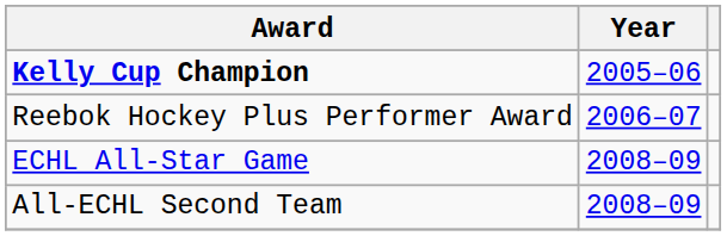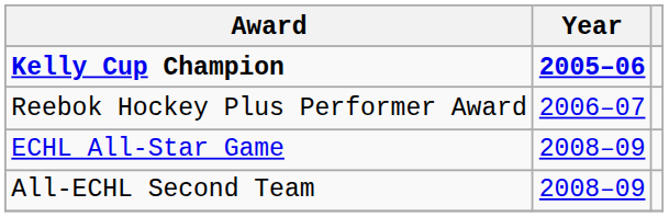 <table class="wikitable">
 <tr>
 <th>Award</th>
 <th>Year</th>
 <th></th>
 </tr>
 <tr>
 <td><strong><a href='#'>Kelly Cup</a> Champion</strong></td>
-<td><a href='#'>2005–06</a></td>
+<td><strong><a href='#'>2005–06</a></strong></td>
 <td></td>
 </tr>
 <tr>
 <td>Reebok Hockey Plus Performer Award</td>
 <td><a href='#'>2006–07</a></td>
 <td></td>
 </tr>
 <tr>
 <td><a href='#'>ECHL All-Star Game</a></td>
 <td><a href='#'>2008–09</a></td>
 <td></td>
 </tr>
 <tr>
 <td>All-ECHL Second Team</td>
 <td><a href='#'>2008–09</a></td>
 <td></td>
 </tr>
 <tr>
 </tr>
 </table>
